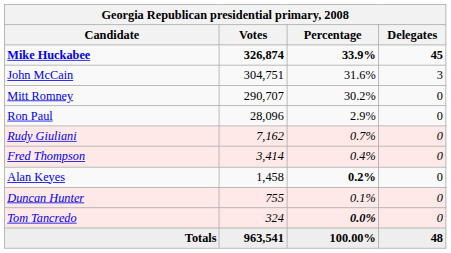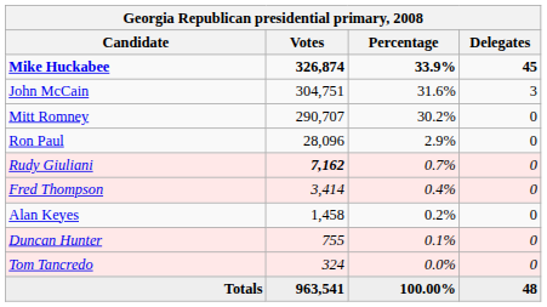 <table class="wikitable" style="font-size:95%; text-align:right;">
 <tr>
 <th colspan="4">Georgia Republican presidential primary, 2008</th>
 </tr>
 <tr>
 <th style="width: 17em">Candidate</th>
 <th style="width: 5em">Votes</th>
 <th style="width: 7em">Percentage</th>
 <th style="width: 5em">Delegates</th>
 </tr>
 <tr>
 <td align="left"><strong><a href='#'>Mike Huckabee</a></strong></td>
 <td><strong>326,874</strong></td>
 <td><strong>33.9%</strong></td>
 <td><strong>45</strong></td>
 </tr>
 <tr>
 <td align="left"><a href='#'>John McCain</a></td>
 <td>304,751</td>
 <td>31.6%</td>
 <td>3</td>
 </tr>
 <tr>
 <td align="left"><a href='#'>Mitt Romney</a></td>
 <td>290,707</td>
 <td>30.2%</td>
 <td>0</td>
 </tr>
 <tr>
 <td align="left"><a href='#'>Ron Paul</a></td>
 <td>28,096</td>
 <td>2.9%</td>
 <td>0</td>
 </tr>
 <tr bgcolor=#FFE8E8>
 <td align="left"><em><a href='#'>Rudy Giuliani</a></em></td>
-<td><em>7,162</em></td>
+<td><strong><em>7,162</em></strong></td>
 <td><em>0.7%</em></td>
 <td><em>0</em></td>
 </tr>
 <tr bgcolor=#FFE8E8>
 <td align="left"><em><a href='#'>Fred Thompson</a></em></td>
 <td><em>3,414</em></td>
 <td><em>0.4%</em></td>
 <td><em>0</em></td>
 </tr>
 <tr>
 <td align="left"><a href='#'>Alan Keyes</a></td>
 <td>1,458</td>
-<td><strong>0.2%</strong></td>
+<td>0.2%</td>
 <td>0</td>
 </tr>
 <tr bgcolor=#FFE8E8>
 <td align="left"><em><a href='#'>Duncan Hunter</a></em></td>
 <td><em>755</em></td>
 <td><em>0.1%</em></td>
 <td><em>0</em></td>
 </tr>
 <tr bgcolor=#FFE8E8>
 <td align="left"><em><a href='#'>Tom Tancredo</a></em></td>
 <td><em>324</em></td>
-<td><strong><em>0.0%</em></strong></td>
+<td><em>0.0%</em></td>
 <td><em>0</em></td>
 </tr>
 <tr bgcolor="#EEEEEE" style="margin-right:0.5em">
 <td><strong>Totals</strong></td>
 <td><strong>963,541</strong></td>
 <td><strong>100.00%</strong></td>
 <td><strong>48</strong></td>
 </tr>
 </table>
